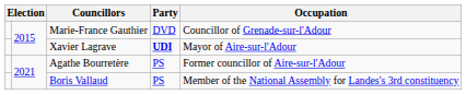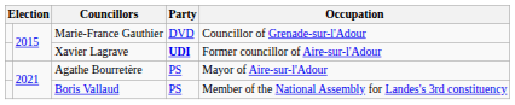 <table class="wikitable">
 <tr>
 <th colspan="2">Election</th>
 <th>Councillors</th>
 <th>Party</th>
 <th>Occupation</th>
 </tr>
 <tr>
 <td style="background-color: "></td>
 <td rowspan="2"><a href='#'>2015</a></td>
 <td>Marie-France Gauthier</td>
 <td><a href='#'>DVD</a></td>
 <td>Councillor of <a href='#'>Grenade-sur-l'Adour</a></td>
 </tr>
 <tr>
 <td style="background-color: "></td>
 <td>Xavier Lagrave</td>
 <td><strong><a href='#'>UDI</a></strong></td>
-<td>Mayor of <a href='#'>Aire-sur-l'Adour</a></td>
+<td>Former councillor of <a href='#'>Aire-sur-l'Adour</a></td>
 </tr>
 <tr>
 <td style="background-color: "></td>
 <td rowspan="2"><a href='#'>2021</a></td>
 <td>Agathe Bourretère</td>
 <td><a href='#'>PS</a></td>
-<td>Former councillor of <a href='#'>Aire-sur-l'Adour</a></td>
+<td>Mayor of <a href='#'>Aire-sur-l'Adour</a></td>
 </tr>
 <tr>
 <td style="background-color: "></td>
 <td><a href='#'>Boris Vallaud</a></td>
 <td><a href='#'>PS</a></td>
 <td>Member of the <a href='#'>National Assembly</a> for <a href='#'>Landes's 3rd constituency</a></td>
 </tr>
 </table>
